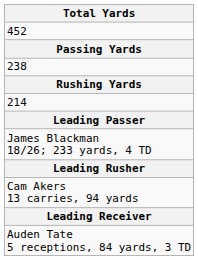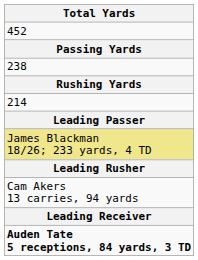 <table class="wikitable">
 <tr>
 <th>Total Yards</th>
 </tr>
 <tr>
 <td>452</td>
 </tr>
 <tr>
 <th>Passing Yards</th>
 </tr>
 <tr>
 <td>238</td>
 </tr>
 <tr>
 <th>Rushing Yards</th>
 </tr>
 <tr>
 <td>214</td>
 </tr>
 <tr>
 <th>Leading Passer</th>
 </tr>
 <tr>
-<td>James Blackman<br>18/26; 233 yards, 4 TD</td>
+<td style="background: khaki;">James Blackman<br>18/26; 233 yards, 4 TD</td>
 </tr>
 <tr>
 <th>Leading Rusher</th>
 </tr>
 <tr>
 <td>Cam Akers<br>13 carries, 94 yards</td>
 </tr>
 <tr>
 <th>Leading Receiver</th>
 </tr>
 <tr>
-<td>Auden Tate<br>5 receptions, 84 yards, 3 TD</td>
+<td><strong>Auden Tate<br>5 receptions, 84 yards, 3 TD</strong></td>
 </tr>
 </table>
